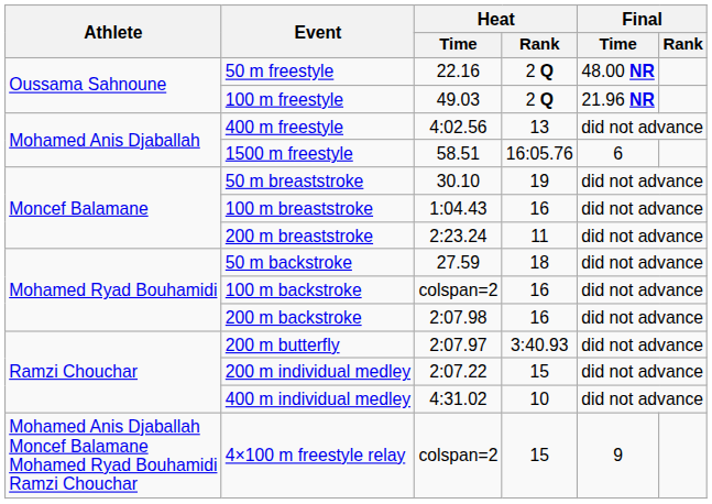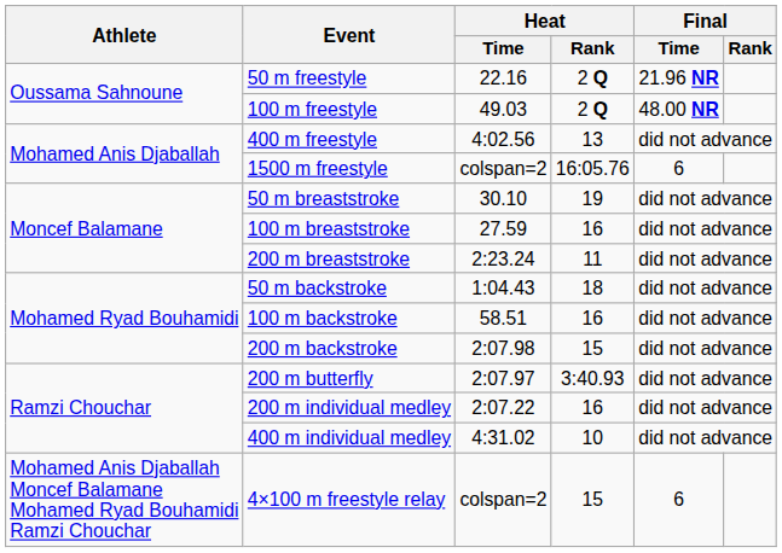 <table class=wikitable style="font-size:90%">
 <tr>
 <th rowspan="2">Athlete</th>
 <th rowspan="2">Event</th>
 <th colspan="2">Heat</th>
 <th colspan="2">Final</th>
 </tr>
 <tr style="font-size:95%">
 <th>Time</th>
 <th>Rank</th>
 <th>Time</th>
 <th>Rank</th>
 </tr>
 <tr align=center>
 <td align=left rowspan=2><a href='#'>Oussama Sahnoune</a></td>
 <td align=left><a href='#'>50 m freestyle</a></td>
 <td>22.16</td>
 <td>2 <strong>Q</strong></td>
-<td>48.00 <strong><a href='#'>NR</a></strong></td>
+<td>21.96 <strong><a href='#'>NR</a></strong></td>
 <td></td>
 </tr>
 <tr align=center>
 <td align=left><a href='#'>100 m freestyle</a></td>
 <td>49.03</td>
 <td>2 <strong>Q</strong></td>
-<td>21.96 <strong><a href='#'>NR</a></strong></td>
+<td>48.00 <strong><a href='#'>NR</a></strong></td>
 <td></td>
 </tr>
 <tr align=center>
 <td align=left rowspan=2><a href='#'>Mohamed Anis Djaballah</a></td>
 <td align=left><a href='#'>400 m freestyle</a></td>
 <td>4:02.56</td>
 <td>13</td>
 <td colspan=2>did not advance</td>
 </tr>
 <tr align=center>
 <td align=left><a href='#'>1500 m freestyle</a></td>
-<td>58.51</td>
+<td>colspan=2 </td>
 <td>16:05.76</td>
 <td>6</td>
 </tr>
 <tr align=center>
 <td align=left rowspan=3><a href='#'>Moncef Balamane</a></td>
 <td align=left><a href='#'>50 m breaststroke</a></td>
 <td>30.10</td>
 <td>19</td>
 <td colspan=2>did not advance</td>
 </tr>
 <tr align=center>
 <td align=left><a href='#'>100 m breaststroke</a></td>
-<td>1:04.43</td>
+<td>27.59</td>
 <td>16</td>
 <td colspan=2>did not advance</td>
 </tr>
 <tr align=center>
 <td align=left><a href='#'>200 m breaststroke</a></td>
 <td>2:23.24</td>
 <td>11</td>
 <td colspan=2>did not advance</td>
 </tr>
 <tr align=center>
 <td align=left rowspan=3><a href='#'>Mohamed Ryad Bouhamidi</a></td>
 <td align=left><a href='#'>50 m backstroke</a></td>
-<td>27.59</td>
+<td>1:04.43</td>
 <td>18</td>
 <td colspan=2>did not advance</td>
 </tr>
 <tr align=center>
 <td align=left><a href='#'>100 m backstroke</a></td>
-<td>colspan=2 </td>
+<td>58.51</td>
 <td>16</td>
 <td colspan=2>did not advance</td>
 </tr>
 <tr align=center>
 <td align=left><a href='#'>200 m backstroke</a></td>
 <td>2:07.98</td>
-<td>16</td>
+<td>15</td>
 <td colspan=2>did not advance</td>
 </tr>
 <tr align=center>
 <td align=left rowspan=3><a href='#'>Ramzi Chouchar</a></td>
 <td align=left><a href='#'>200 m butterfly</a></td>
 <td>2:07.97</td>
 <td>3:40.93</td>
 <td colspan=2>did not advance</td>
 </tr>
 <tr align=center>
 <td align=left><a href='#'>200 m individual medley</a></td>
 <td>2:07.22</td>
-<td>15</td>
+<td>16</td>
 <td colspan=2>did not advance</td>
 </tr>
 <tr align=center>
 <td align=left><a href='#'>400 m individual medley</a></td>
 <td>4:31.02</td>
 <td>10</td>
 <td colspan=2>did not advance</td>
 </tr>
 <tr align=center>
 <td align=left><a href='#'>Mohamed Anis Djaballah</a><br><a href='#'>Moncef Balamane</a><br><a href='#'>Mohamed Ryad Bouhamidi</a><br><a href='#'>Ramzi Chouchar</a></td>
 <td align=left><a href='#'>4×100 m freestyle relay</a></td>
 <td>colspan=2 </td>
 <td>15</td>
-<td>9</td>
+<td>6</td>
 </tr>
 </table>
